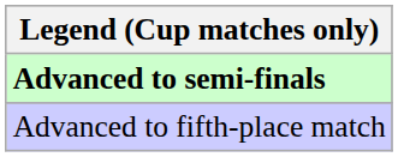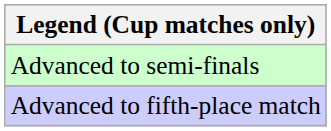 <table class="wikitable">
 <tr>
 <th>Legend (Cup matches only)</th>
 </tr>
 <tr bgcolor=ccffcc>
-<td><strong>Advanced to semi-finals</strong></td>
+<td>Advanced to semi-finals</td>
 </tr>
 <tr bgcolor=ccccff>
 <td>Advanced to fifth-place match</td>
 </tr>
 </table>
